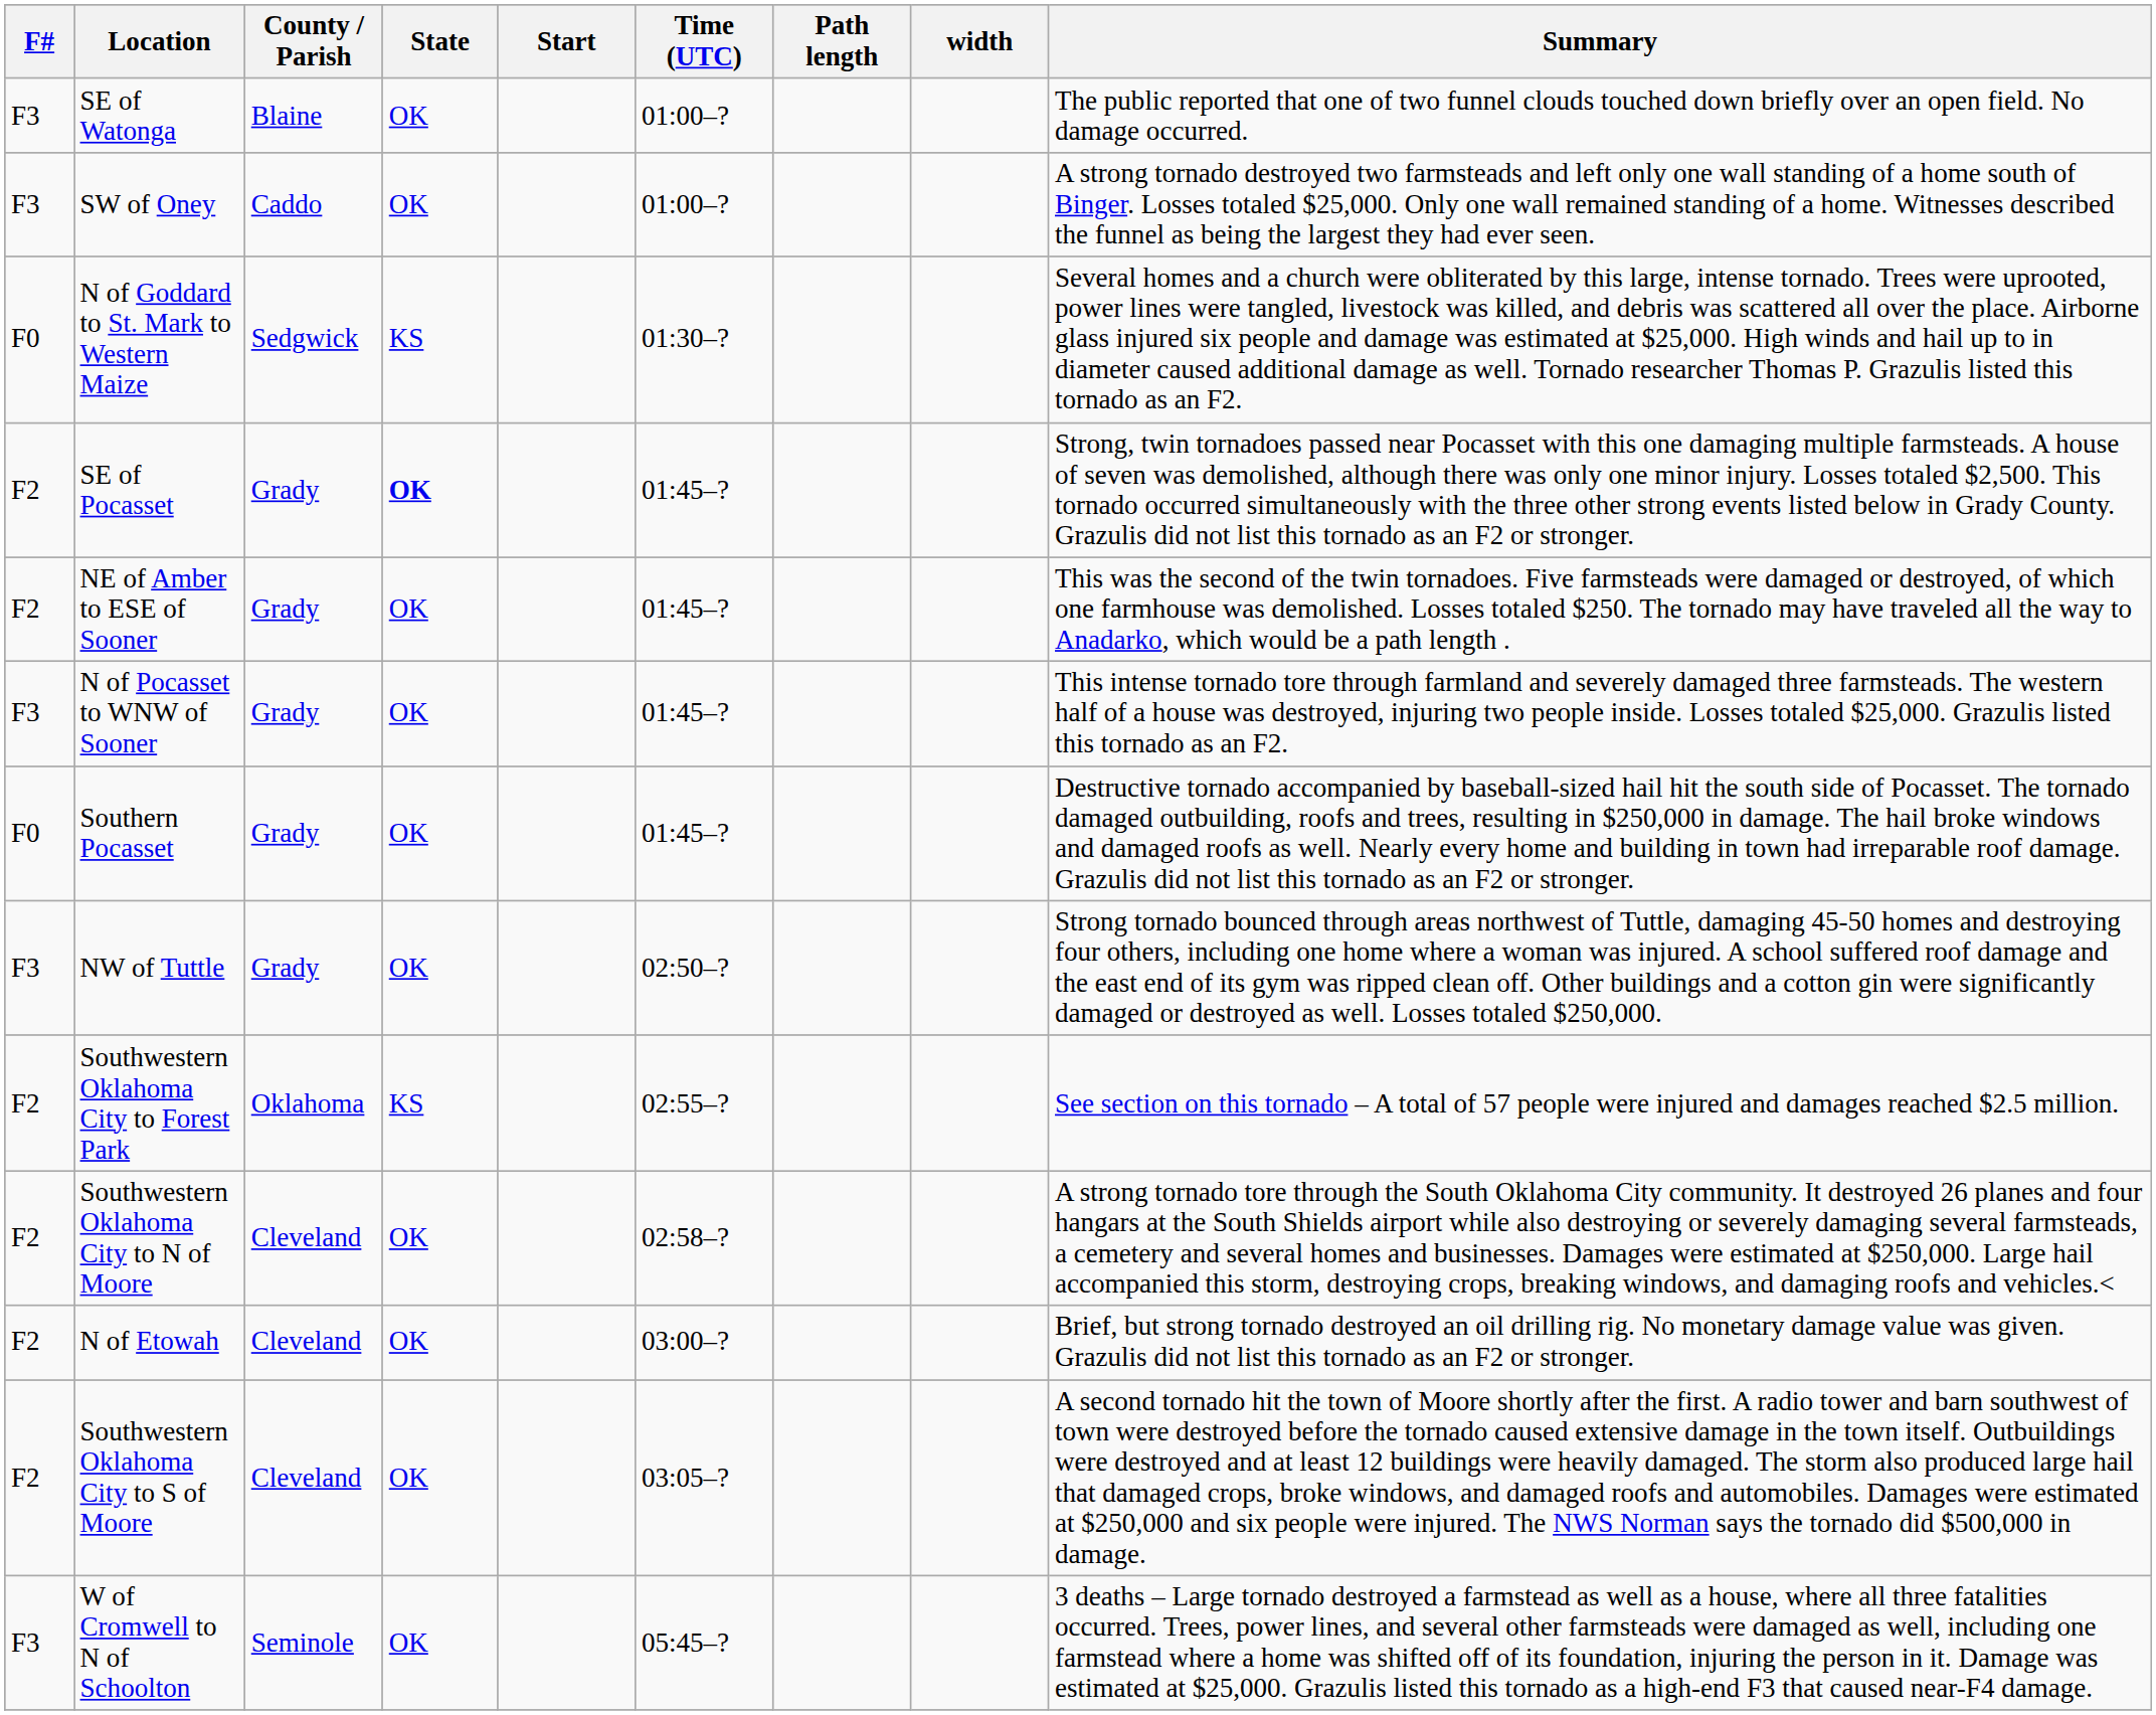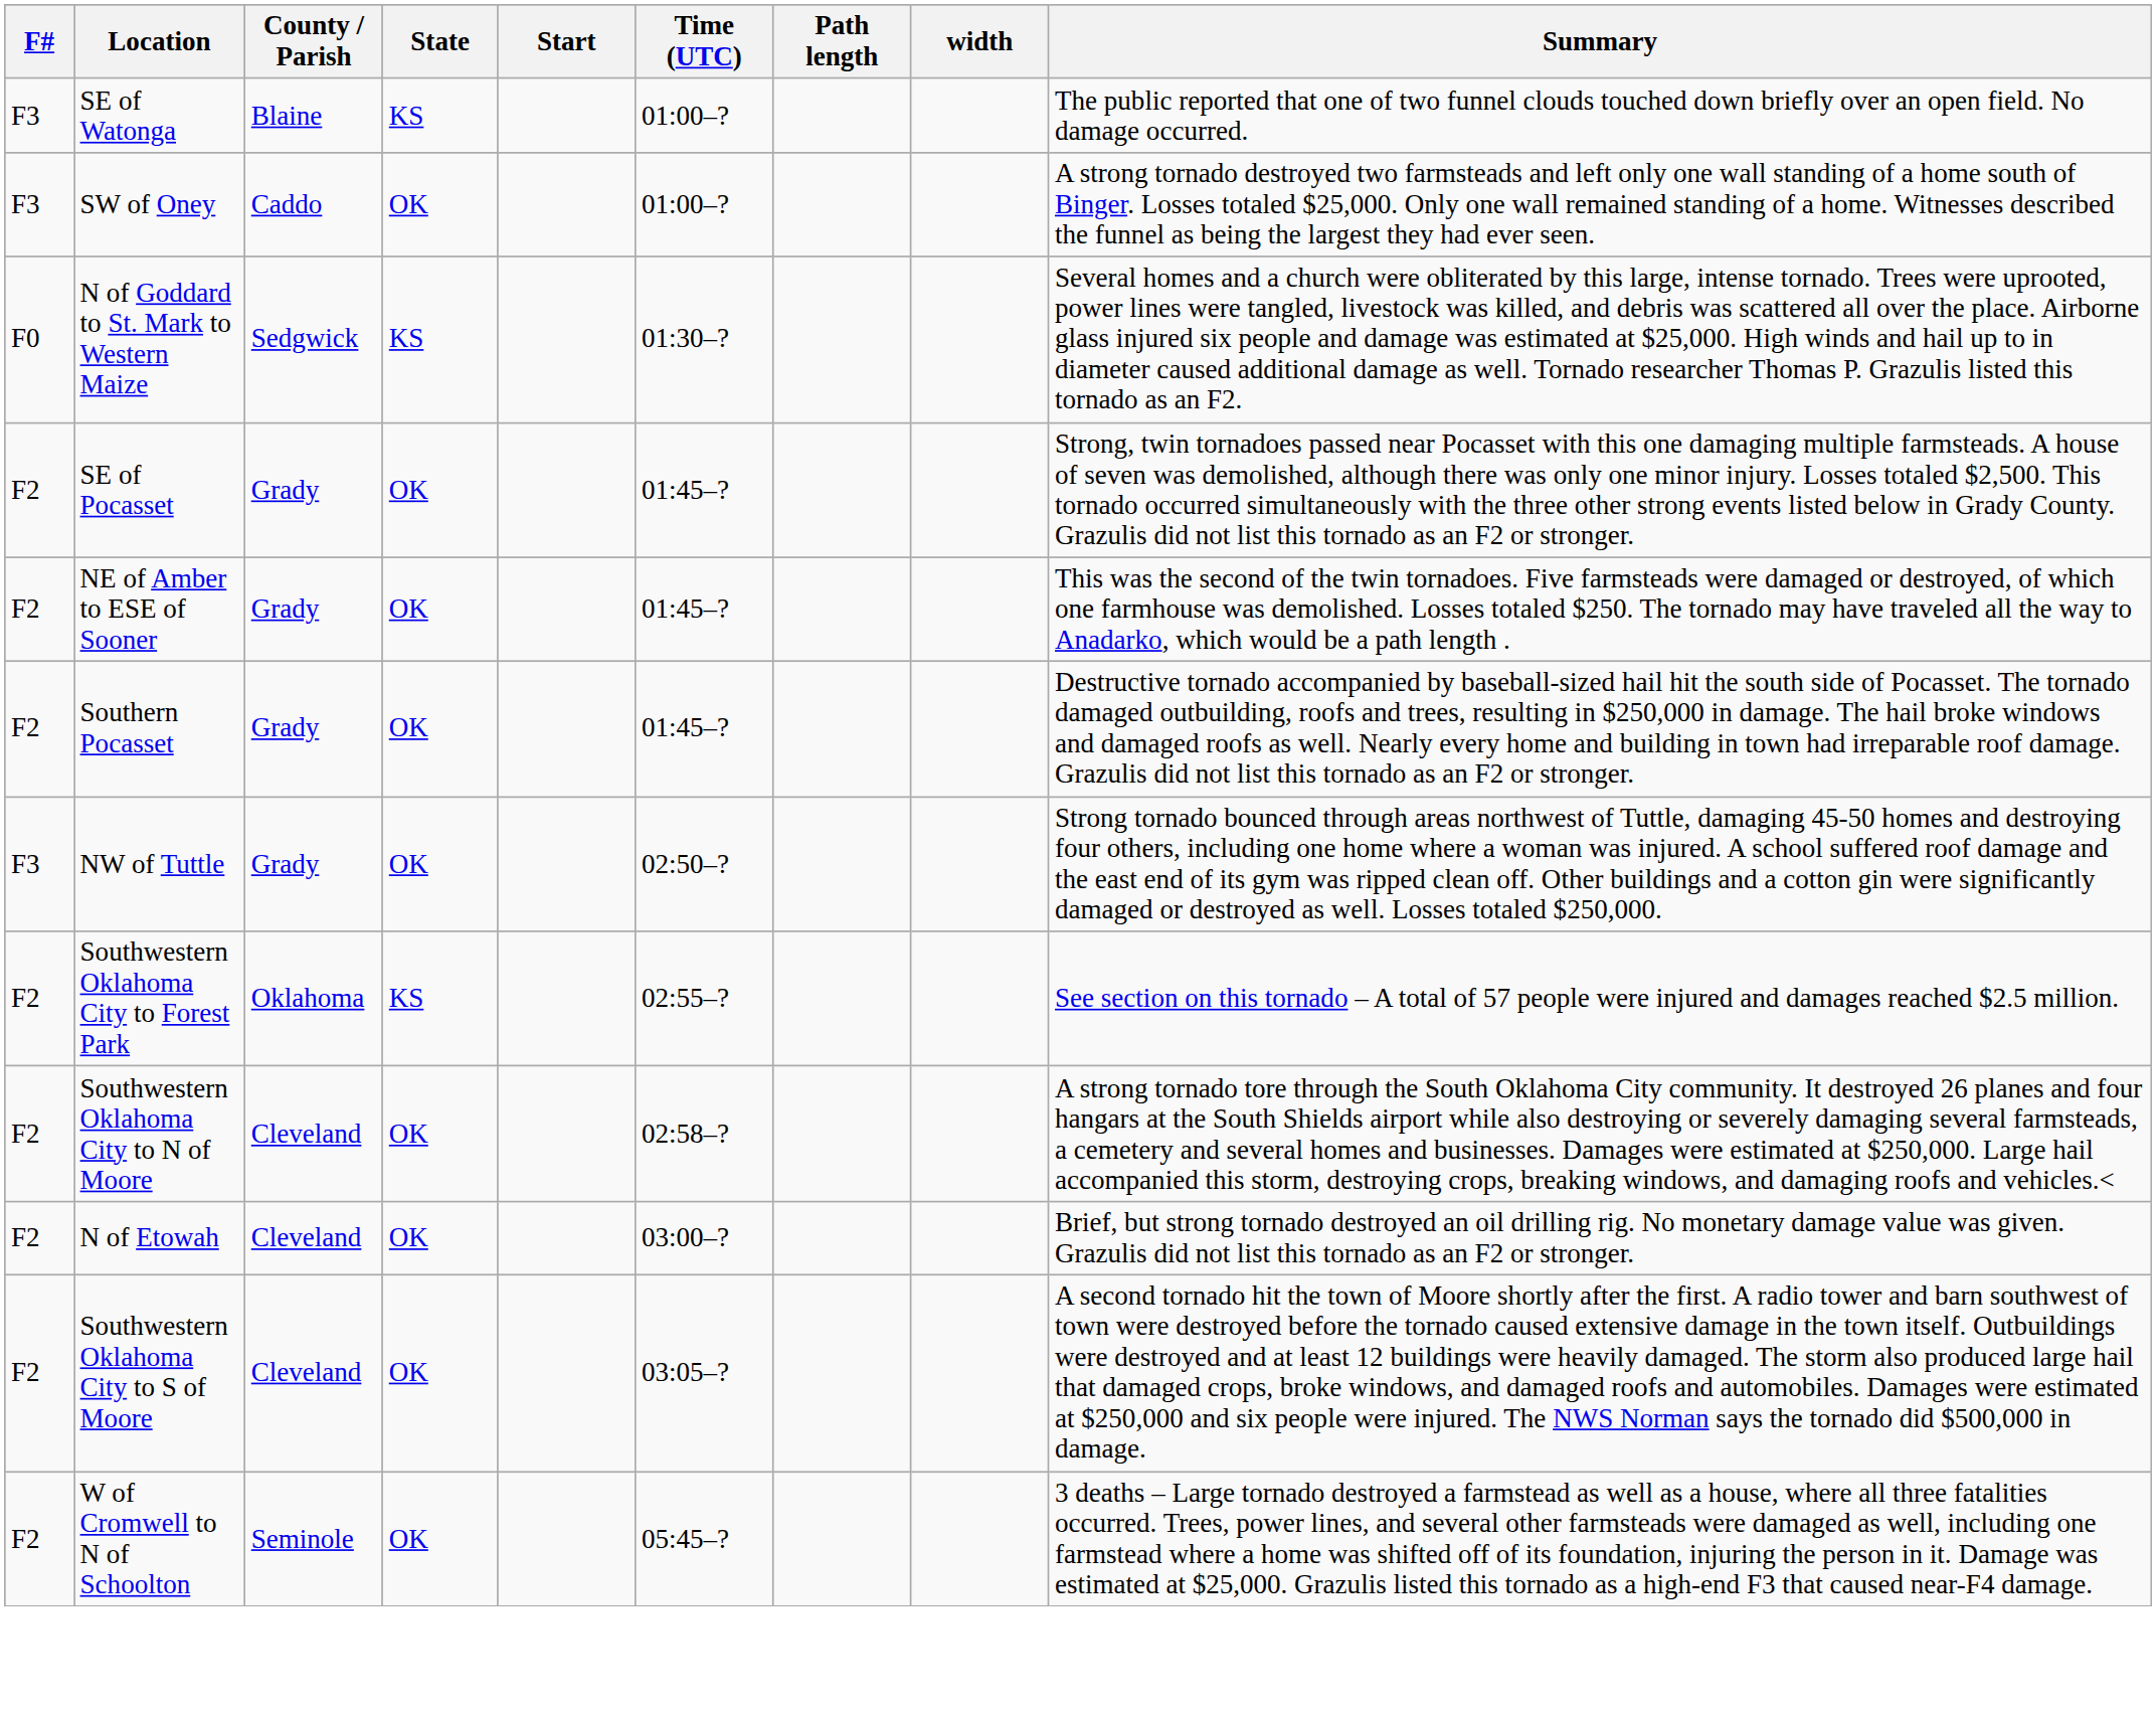 <table class="wikitable sortable" style="width:100%;">
 <tr>
 <th scope="col"  style="width:3%; text-align:center;"><a href='#'>F#</a></th>
 <th scope="col"  style="width:7%; text-align:center;" class="unsortable">Location</th>
 <th scope="col"  style="width:6%; text-align:center;" class="unsortable">County / Parish</th>
 <th scope="col"  style="width:5%; text-align:center;">State</th>
 <th scope="col"  style="width:6%; text-align:center;">Start<br></th>
 <th scope="col"  style="width:6%; text-align:center;">Time (<a href='#'>UTC</a>)</th>
 <th scope="col"  style="width:6%; text-align:center;">Path length</th>
 <th scope="col"  style="width:6%; text-align:center;"> width</th>
 <th scope="col" class="unsortable" style="width:48%; text-align:center;">Summary</th>
 </tr>
 <tr>
 <td>F3</td>
 <td>SE of <a href='#'>Watonga</a></td>
 <td><a href='#'>Blaine</a></td>
-<td><a href='#'>OK</a></td>
+<td><a href='#'>KS</a></td>
 <td></td>
 <td>01:00–?</td>
 <td></td>
 <td></td>
 <td>The public reported that one of two funnel clouds touched down briefly over an open field. No damage occurred.</td>
 </tr>
 <tr>
 <td>F3</td>
 <td>SW of <a href='#'>Oney</a></td>
 <td><a href='#'>Caddo</a></td>
 <td><a href='#'>OK</a></td>
 <td></td>
 <td>01:00–?</td>
 <td></td>
 <td></td>
 <td>A strong tornado destroyed two farmsteads and left only one wall standing of a home south of <a href='#'>Binger</a>. Losses totaled $25,000. Only one wall remained standing of a home. Witnesses described the funnel as being the largest they had ever seen.</td>
 </tr>
 <tr>
 <td>F0</td>
 <td>N of <a href='#'>Goddard</a> to <a href='#'>St. Mark</a> to <a href='#'>Western Maize</a></td>
 <td><a href='#'>Sedgwick</a></td>
 <td><a href='#'>KS</a></td>
 <td></td>
 <td>01:30–?</td>
 <td></td>
 <td></td>
 <td>Several homes and a church were obliterated by this large, intense tornado. Trees were uprooted, power lines were tangled, livestock was killed, and debris was scattered all over the place. Airborne glass injured six people and damage was estimated at $25,000. High winds and hail up to  in diameter caused additional damage as well. Tornado researcher Thomas P. Grazulis listed this tornado as an F2.</td>
 </tr>
 <tr>
 <td>F2</td>
 <td>SE of <a href='#'>Pocasset</a></td>
 <td><a href='#'>Grady</a></td>
-<td><strong><a href='#'>OK</a></strong></td>
+<td><a href='#'>OK</a></td>
 <td></td>
 <td>01:45–?</td>
 <td></td>
 <td></td>
 <td>Strong, twin tornadoes passed near Pocasset with this one damaging multiple farmsteads. A house of seven was demolished, although there was only one minor injury. Losses totaled $2,500. This tornado occurred simultaneously with the three other strong events listed below in Grady County. Grazulis did not list this tornado as an F2 or stronger.</td>
 </tr>
 <tr>
 <td>F2</td>
 <td>NE of <a href='#'>Amber</a> to ESE of <a href='#'>Sooner</a></td>
 <td><a href='#'>Grady</a></td>
 <td><a href='#'>OK</a></td>
 <td></td>
 <td>01:45–?</td>
 <td></td>
 <td></td>
 <td>This was the second of the twin tornadoes. Five farmsteads were damaged or destroyed, of which one farmhouse was demolished. Losses totaled $250. The tornado may have traveled all the way to <a href='#'>Anadarko</a>, which would be a path length .</td>
 </tr>
 <tr>
-<td>F3</td>
-<td>N of <a href='#'>Pocasset</a> to WNW of <a href='#'>Sooner</a></td>
-<td><a href='#'>Grady</a></td>
-<td><a href='#'>OK</a></td>
-<td></td>
-<td>01:45–?</td>
-<td></td>
-<td></td>
-<td>This intense tornado tore through farmland and severely damaged three farmsteads. The western half of a house was destroyed, injuring two people inside. Losses totaled $25,000. Grazulis listed this tornado as an F2.</td>
-</tr>
-<tr>
-<td>F0</td>
+<td>F2</td>
 <td>Southern <a href='#'>Pocasset</a></td>
 <td><a href='#'>Grady</a></td>
 <td><a href='#'>OK</a></td>
 <td></td>
 <td>01:45–?</td>
 <td></td>
 <td></td>
 <td>Destructive tornado accompanied by baseball-sized hail hit the south side of Pocasset. The tornado damaged outbuilding, roofs and trees, resulting in $250,000 in damage. The hail broke windows and damaged roofs as well. Nearly every home and building in town had irreparable roof damage. Grazulis did not list this tornado as an F2 or stronger.</td>
 </tr>
 <tr>
 <td>F3</td>
 <td>NW of <a href='#'>Tuttle</a></td>
 <td><a href='#'>Grady</a></td>
 <td><a href='#'>OK</a></td>
 <td></td>
 <td>02:50–?</td>
 <td></td>
 <td></td>
 <td>Strong tornado bounced through areas northwest of Tuttle, damaging 45-50 homes and destroying four others, including one home where a woman was injured. A school suffered roof damage and the east end of its gym was ripped clean off. Other buildings and a cotton gin were significantly damaged or destroyed as well. Losses totaled $250,000.</td>
 </tr>
 <tr>
 <td>F2</td>
 <td>Southwestern <a href='#'>Oklahoma City</a> to <a href='#'>Forest Park</a></td>
 <td><a href='#'>Oklahoma</a></td>
 <td><a href='#'>KS</a></td>
 <td></td>
 <td>02:55–?</td>
 <td></td>
 <td></td>
 <td><a href='#'>See section on this tornado</a> – A total of 57 people were injured and damages reached $2.5 million.</td>
 </tr>
 <tr>
 <td>F2</td>
 <td>Southwestern <a href='#'>Oklahoma City</a> to N of <a href='#'>Moore</a></td>
 <td><a href='#'>Cleveland</a></td>
 <td><a href='#'>OK</a></td>
 <td></td>
 <td>02:58–?</td>
 <td></td>
 <td></td>
 <td>A strong tornado tore through the South Oklahoma City community. It destroyed 26 planes and four hangars at the South Shields airport while also destroying or severely damaging several farmsteads, a cemetery and several homes and businesses. Damages were estimated at $250,000. Large hail accompanied this storm, destroying crops, breaking windows, and damaging roofs and vehicles.<</td>
 </tr>
 <tr>
 <td>F2</td>
 <td>N of <a href='#'>Etowah</a></td>
 <td><a href='#'>Cleveland</a></td>
 <td><a href='#'>OK</a></td>
 <td></td>
 <td>03:00–?</td>
 <td></td>
 <td></td>
 <td>Brief, but strong tornado destroyed an oil drilling rig. No monetary damage value was given. Grazulis did not list this tornado as an F2 or stronger.</td>
 </tr>
 <tr>
 <td>F2</td>
 <td>Southwestern <a href='#'>Oklahoma City</a> to S of <a href='#'>Moore</a></td>
 <td><a href='#'>Cleveland</a></td>
 <td><a href='#'>OK</a></td>
 <td></td>
 <td>03:05–?</td>
 <td></td>
 <td></td>
 <td>A second tornado hit the town of Moore shortly after the first. A radio tower and barn southwest of town were destroyed before the tornado caused extensive damage in the town itself. Outbuildings were destroyed and at least 12 buildings were heavily damaged. The storm also produced large hail that damaged crops, broke windows, and damaged roofs and automobiles. Damages were estimated at $250,000 and six people were injured. The <a href='#'>NWS Norman</a> says the tornado did $500,000 in damage.</td>
 </tr>
 <tr>
-<td>F3</td>
+<td>F2</td>
 <td>W of <a href='#'>Cromwell</a> to N of <a href='#'>Schoolton</a></td>
 <td><a href='#'>Seminole</a></td>
 <td><a href='#'>OK</a></td>
 <td></td>
 <td>05:45–?</td>
 <td></td>
 <td></td>
 <td>3 deaths – Large tornado destroyed a farmstead as well as a house, where all three fatalities occurred. Trees, power lines, and several other farmsteads were damaged as well, including one farmstead where a home was shifted off of its foundation, injuring the person in it. Damage was estimated at $25,000. Grazulis listed this tornado as a high-end F3 that caused near-F4 damage.</td>
 </tr>
 </table>
